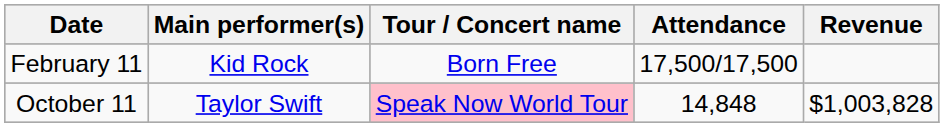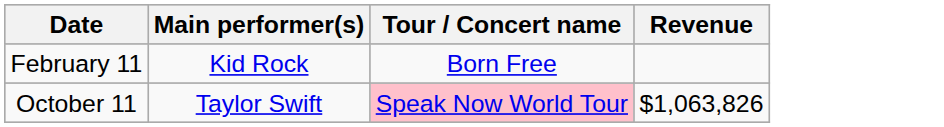 <table class="wikitable"  style="text-align:center; font-size:95%;">
 <tr>
 <th style="text-align:center;">Date</th>
 <th style="text-align:center;">Main performer(s)</th>
 <th style="text-align:center;">Tour / Concert name</th>
-<th style="text-align:center;">Attendance</th>
 <th style="text-align:center;">Revenue</th>
 </tr>
 <tr>
 <td>February 11</td>
 <td><a href='#'>Kid Rock</a></td>
 <td><a href='#'>Born Free</a></td>
-<td>17,500/17,500</td>
 <td></td>
 </tr>
 <tr>
 <td>October 11</td>
 <td><a href='#'>Taylor Swift</a></td>
 <td style="background: pink;"><a href='#'>Speak Now World Tour</a></td>
-<td>14,848</td>
-<td>$1,003,828</td>
+<td>$1,063,826</td>
 </tr>
 </table>
